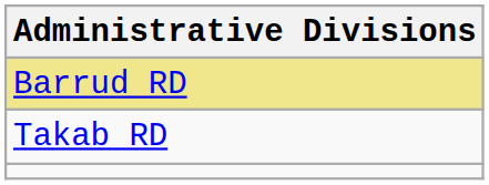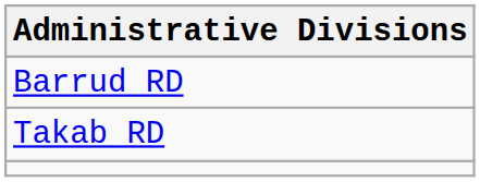 <table class="wikitable">
 <tr>
 <th>Administrative Divisions</th>
 </tr>
 <tr>
-<td style="background: khaki;"><a href='#'>Barrud RD</a></td>
+<td><a href='#'>Barrud RD</a></td>
 </tr>
 <tr>
 <td><a href='#'>Takab RD</a></td>
 </tr>
 <tr>
 <td colspan=1></td>
 </tr>
 </table>
